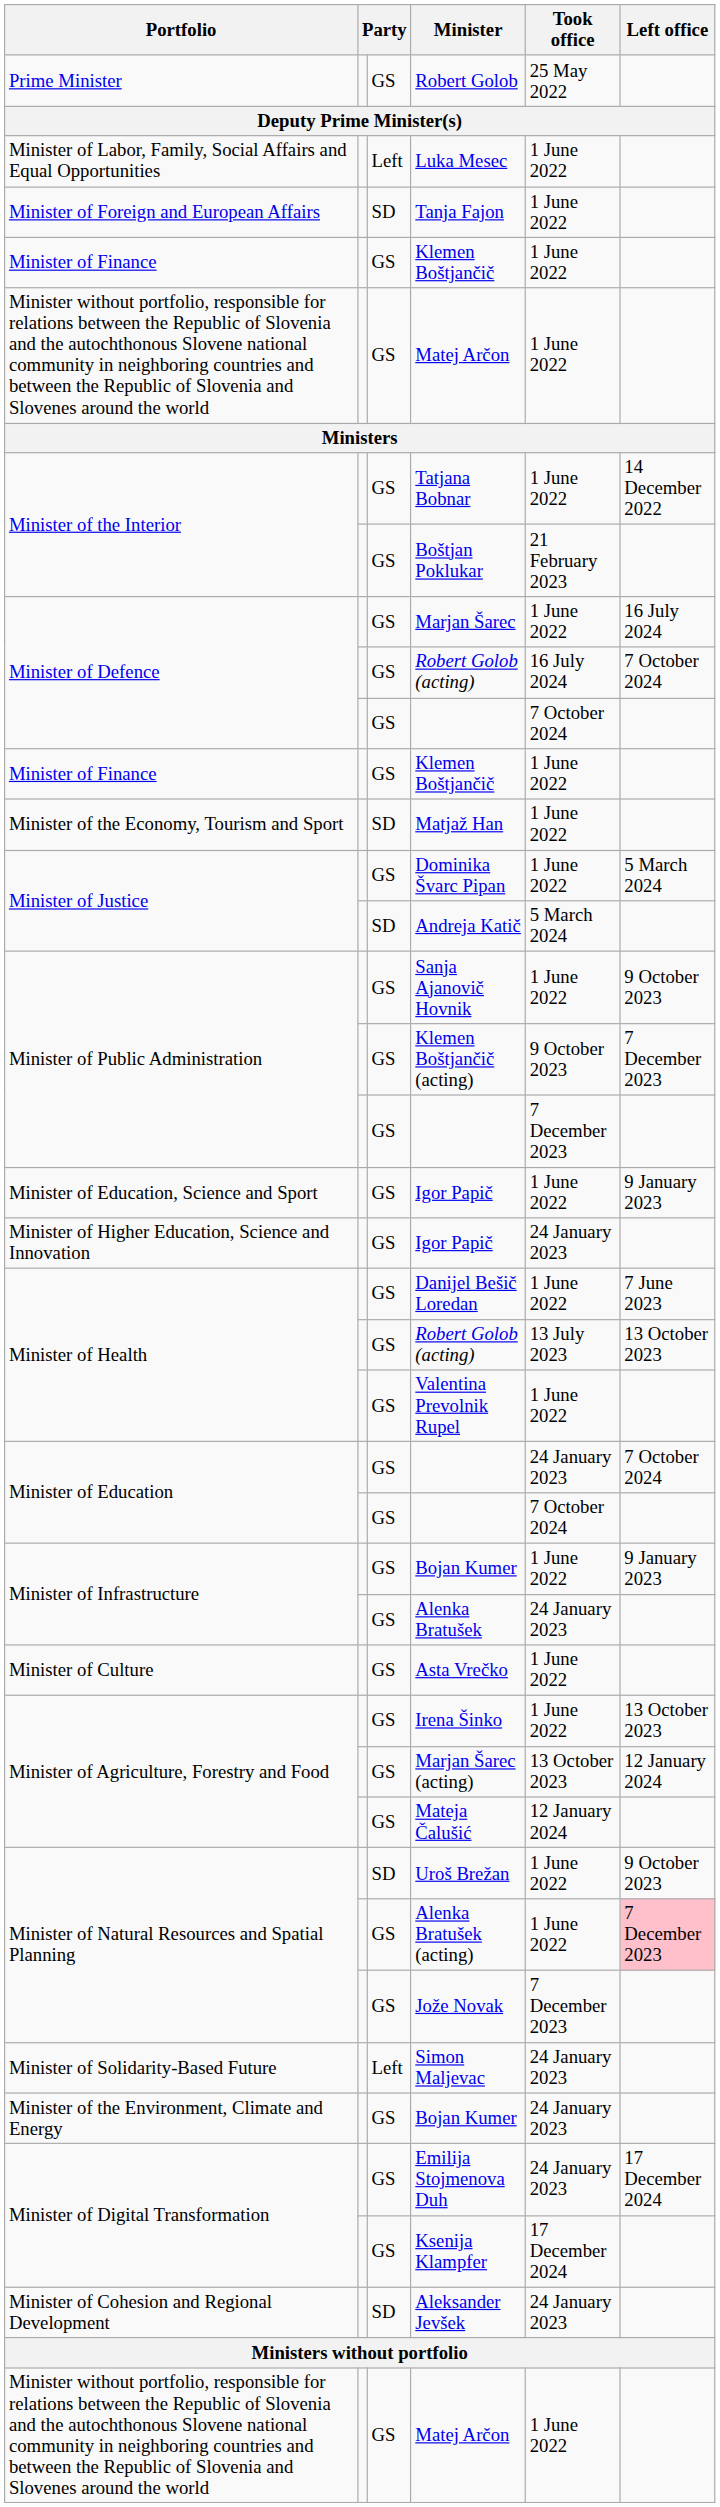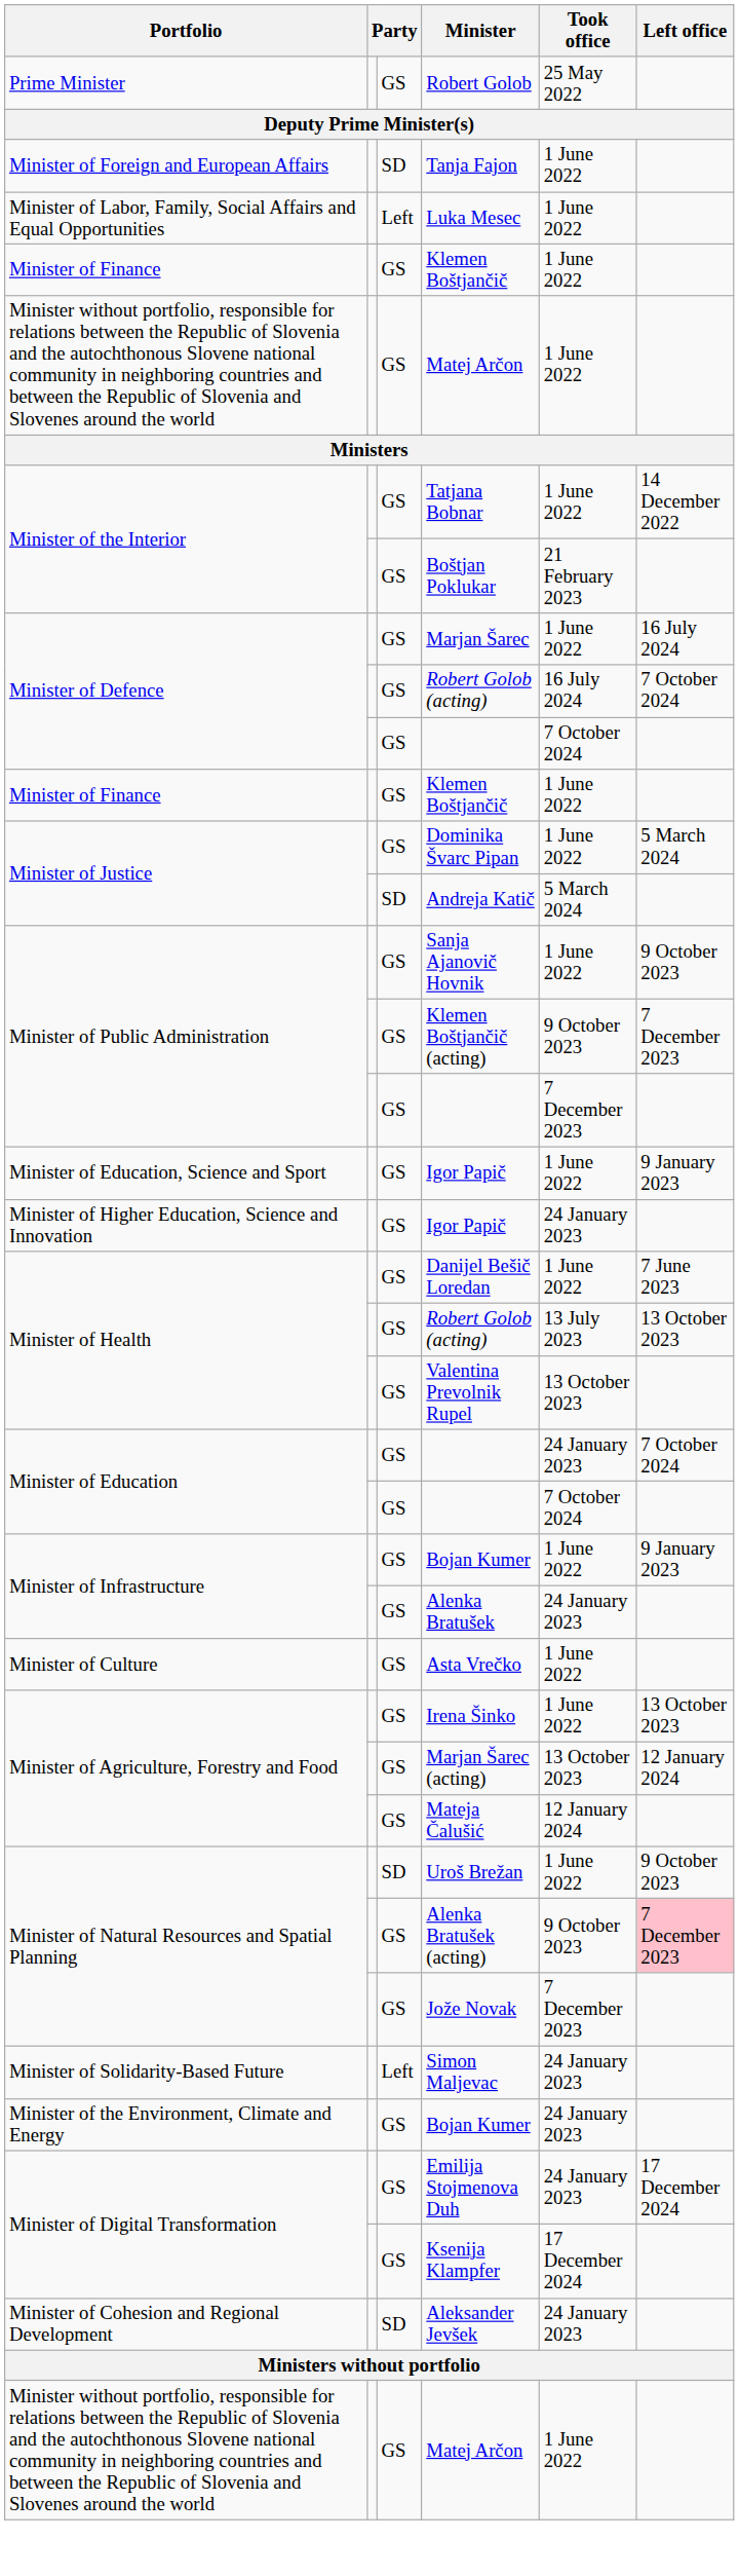 <table class="wikitable" style="font-size:100%;">
 <tr>
 <th>Portfolio</th>
 <th colspan="2">Party</th>
 <th>Minister</th>
 <th>Took office</th>
 <th>Left office</th>
 </tr>
 <tr>
 <td><a href='#'>Prime Minister</a></td>
 <td style="background:"></td>
 <td>GS</td>
 <td><a href='#'>Robert Golob</a></td>
 <td>25 May 2022</td>
 <td></td>
 </tr>
 <tr>
 <th colspan="6">Deputy Prime Minister(s)</th>
 </tr>
 <tr>
+<td><a href='#'>Minister of Foreign and European Affairs</a></td>
+<td style="background:"></td>
+<td>SD</td>
+<td><a href='#'>Tanja Fajon</a></td>
+<td>1 June 2022</td>
+<td></td>
+</tr>
+<tr>
 <td>Minister of Labor, Family, Social Affairs and Equal Opportunities</td>
 <td style="background:"></td>
 <td>Left</td>
 <td><a href='#'>Luka Mesec</a></td>
-<td>1 June 2022</td>
-<td></td>
-</tr>
-<tr>
-<td><a href='#'>Minister of Foreign and European Affairs</a></td>
-<td style="background:"></td>
-<td>SD</td>
-<td><a href='#'>Tanja Fajon</a></td>
 <td>1 June 2022</td>
 <td></td>
 </tr>
 <tr>
 <td><a href='#'>Minister of Finance</a></td>
 <td style=background:></td>
 <td>GS</td>
 <td><a href='#'>Klemen Boštjančič</a></td>
 <td>1 June 2022</td>
 <td></td>
 </tr>
 <tr>
 <td>Minister without portfolio, responsible for relations between the Republic of Slovenia and the autochthonous Slovene national community in neighboring countries and between the Republic of Slovenia and Slovenes around the world</td>
 <td style=background:></td>
 <td>GS</td>
 <td><a href='#'>Matej Arčon</a></td>
 <td>1 June 2022</td>
 <td></td>
 </tr>
 <tr>
 <th colspan="6">Ministers</th>
 </tr>
 <tr>
 <td rowspan="2"><a href='#'>Minister of the Interior</a></td>
 <td style=background:></td>
 <td>GS</td>
 <td><a href='#'>Tatjana Bobnar</a></td>
 <td>1 June 2022</td>
 <td>14 December 2022</td>
 </tr>
 <tr>
 <td style=background:></td>
 <td>GS</td>
 <td><a href='#'>Boštjan Poklukar</a></td>
 <td>21 February 2023</td>
 <td></td>
 </tr>
 <tr>
 <td rowspan="3"><a href='#'>Minister of Defence</a></td>
 <td style=background:></td>
 <td>GS</td>
 <td><a href='#'>Marjan Šarec</a></td>
 <td>1 June 2022</td>
 <td>16 July 2024</td>
 </tr>
 <tr>
 <td style=background:></td>
 <td>GS</td>
 <td><em><a href='#'>Robert Golob</a><br>(acting) </em></td>
 <td>16 July 2024</td>
 <td>7 October 2024</td>
 </tr>
 <tr>
 <td style=background:></td>
 <td>GS</td>
 <td></td>
 <td>7 October 2024</td>
 <td></td>
 </tr>
 <tr>
 <td><a href='#'>Minister of Finance</a></td>
 <td style=background:></td>
 <td>GS</td>
 <td><a href='#'>Klemen Boštjančič</a></td>
-<td>1 June 2022</td>
-<td></td>
-</tr>
-<tr>
-<td>Minister of the Economy, Tourism and Sport</td>
-<td style="background:"></td>
-<td>SD</td>
-<td><a href='#'>Matjaž Han</a></td>
 <td>1 June 2022</td>
 <td></td>
 </tr>
 <tr>
 <td rowspan="2"><a href='#'>Minister of Justice</a></td>
 <td style="background:"></td>
 <td>GS</td>
 <td><a href='#'>Dominika Švarc Pipan</a></td>
 <td>1 June 2022</td>
 <td>5 March 2024</td>
 </tr>
 <tr>
 <td style="background:"></td>
 <td>SD</td>
 <td><a href='#'>Andreja Katič</a></td>
 <td>5 March 2024</td>
 <td></td>
 </tr>
 <tr>
 <td rowspan="3">Minister of Public Administration</td>
 <td style=background:></td>
 <td>GS</td>
 <td><a href='#'>Sanja Ajanovič Hovnik</a></td>
 <td>1 June 2022</td>
 <td>9 October 2023</td>
 </tr>
 <tr>
 <td style=background:></td>
 <td>GS</td>
 <td><a href='#'>Klemen Boštjančič</a> (acting)</td>
 <td>9 October 2023</td>
 <td>7 December 2023</td>
 </tr>
 <tr>
 <td style=background:></td>
 <td>GS</td>
 <td></td>
 <td>7 December 2023</td>
 <td></td>
 </tr>
 <tr>
 <td>Minister of Education, Science and Sport</td>
 <td style=background:></td>
 <td>GS</td>
 <td><a href='#'>Igor Papič</a></td>
 <td>1 June 2022</td>
 <td>9 January 2023</td>
 </tr>
 <tr>
 <td>Minister of Higher Education, Science and Innovation</td>
 <td style=background:></td>
 <td>GS</td>
 <td><a href='#'>Igor Papič</a></td>
 <td>24 January 2023</td>
 <td></td>
 </tr>
 <tr>
 <td rowspan="3">Minister of Health</td>
 <td style=background:></td>
 <td>GS</td>
 <td><a href='#'>Danijel Bešič Loredan</a></td>
 <td>1 June 2022</td>
 <td>7 June 2023</td>
 </tr>
 <tr>
 <td style=background:></td>
 <td>GS</td>
 <td><em><a href='#'>Robert Golob</a><br>(acting) </em></td>
 <td>13 July  2023</td>
 <td>13 October 2023</td>
 </tr>
 <tr>
 <td style=background:></td>
 <td>GS</td>
 <td><a href='#'>Valentina Prevolnik Rupel</a></td>
-<td>1 June 2022</td>
+<td>13 October 2023</td>
 <td></td>
 </tr>
 <tr>
 <td rowspan="2">Minister of Education</td>
 <td style=background:></td>
 <td>GS</td>
 <td></td>
 <td>24 January 2023</td>
 <td>7 October 2024</td>
 </tr>
 <tr>
 <td style=background:></td>
 <td>GS</td>
 <td></td>
 <td>7 October 2024</td>
 <td></td>
 </tr>
 <tr>
 <td rowspan="2">Minister of Infrastructure</td>
 <td style=background:></td>
 <td>GS</td>
 <td><a href='#'>Bojan Kumer</a></td>
 <td>1 June 2022</td>
 <td>9 January 2023</td>
 </tr>
 <tr>
 <td style=background:></td>
 <td>GS</td>
 <td><a href='#'>Alenka Bratušek</a></td>
 <td>24 January 2023</td>
 <td></td>
 </tr>
 <tr>
 <td>Minister of Culture</td>
 <td style="background:"></td>
 <td>GS</td>
 <td><a href='#'>Asta Vrečko</a></td>
 <td>1 June 2022</td>
 <td></td>
 </tr>
 <tr>
 <td rowspan="3">Minister of Agriculture, Forestry and Food</td>
 <td style=background:></td>
 <td>GS</td>
 <td><a href='#'>Irena Šinko</a></td>
 <td>1 June 2022</td>
 <td>13 October 2023</td>
 </tr>
 <tr>
 <td style=background:></td>
 <td>GS</td>
 <td><a href='#'>Marjan Šarec</a> (acting)</td>
 <td>13 October 2023</td>
 <td>12 January 2024</td>
 </tr>
 <tr>
 <td style="background:"></td>
 <td>GS</td>
 <td><a href='#'>Mateja Čalušić</a></td>
 <td>12 January 2024</td>
 <td></td>
 </tr>
 <tr>
 <td rowspan="3">Minister of Natural Resources and Spatial Planning</td>
 <td style=background:></td>
 <td>SD</td>
 <td><a href='#'>Uroš Brežan</a></td>
 <td>1 June 2022</td>
 <td>9 October 2023</td>
 </tr>
 <tr>
 <td style=background:></td>
 <td>GS</td>
 <td><a href='#'>Alenka Bratušek</a> (acting)</td>
-<td>1 June 2022</td>
+<td>9 October 2023</td>
 <td style="background: pink;">7 December 2023</td>
 </tr>
 <tr>
 <td style=background:></td>
 <td>GS</td>
 <td><a href='#'>Jože Novak</a></td>
 <td>7 December 2023</td>
 <td></td>
 </tr>
 <tr>
 <td>Minister of Solidarity-Based Future</td>
 <td style="background:"></td>
 <td>Left</td>
 <td><a href='#'>Simon Maljevac</a></td>
 <td>24 January 2023</td>
 <td></td>
 </tr>
 <tr>
 <td>Minister of the Environment, Climate and Energy</td>
 <td style=background:></td>
 <td>GS</td>
 <td><a href='#'>Bojan Kumer</a></td>
 <td>24 January 2023</td>
 <td></td>
 </tr>
 <tr>
 <td rowspan="2">Minister of Digital Transformation</td>
 <td style=background:></td>
 <td>GS</td>
 <td><a href='#'>Emilija Stojmenova Duh</a></td>
 <td>24 January 2023</td>
 <td>17 December 2024</td>
 </tr>
 <tr>
 <td style=background:></td>
 <td>GS</td>
 <td><a href='#'>Ksenija Klampfer</a></td>
 <td>17 December 2024</td>
 <td></td>
 </tr>
 <tr>
 <td>Minister of Cohesion and Regional Development</td>
 <td style="background:"></td>
 <td>SD</td>
 <td><a href='#'>Aleksander Jevšek</a></td>
 <td>24 January 2023</td>
 <td></td>
 </tr>
 <tr>
 <th colspan="6">Ministers without portfolio</th>
 </tr>
 <tr>
 <td>Minister without portfolio, responsible for relations between the Republic of Slovenia and the autochthonous Slovene national community in neighboring countries and between the Republic of Slovenia and Slovenes around the world</td>
 <td style=background:></td>
 <td>GS</td>
 <td><a href='#'>Matej Arčon</a></td>
 <td>1 June 2022</td>
 <td></td>
 </tr>
 </table>
